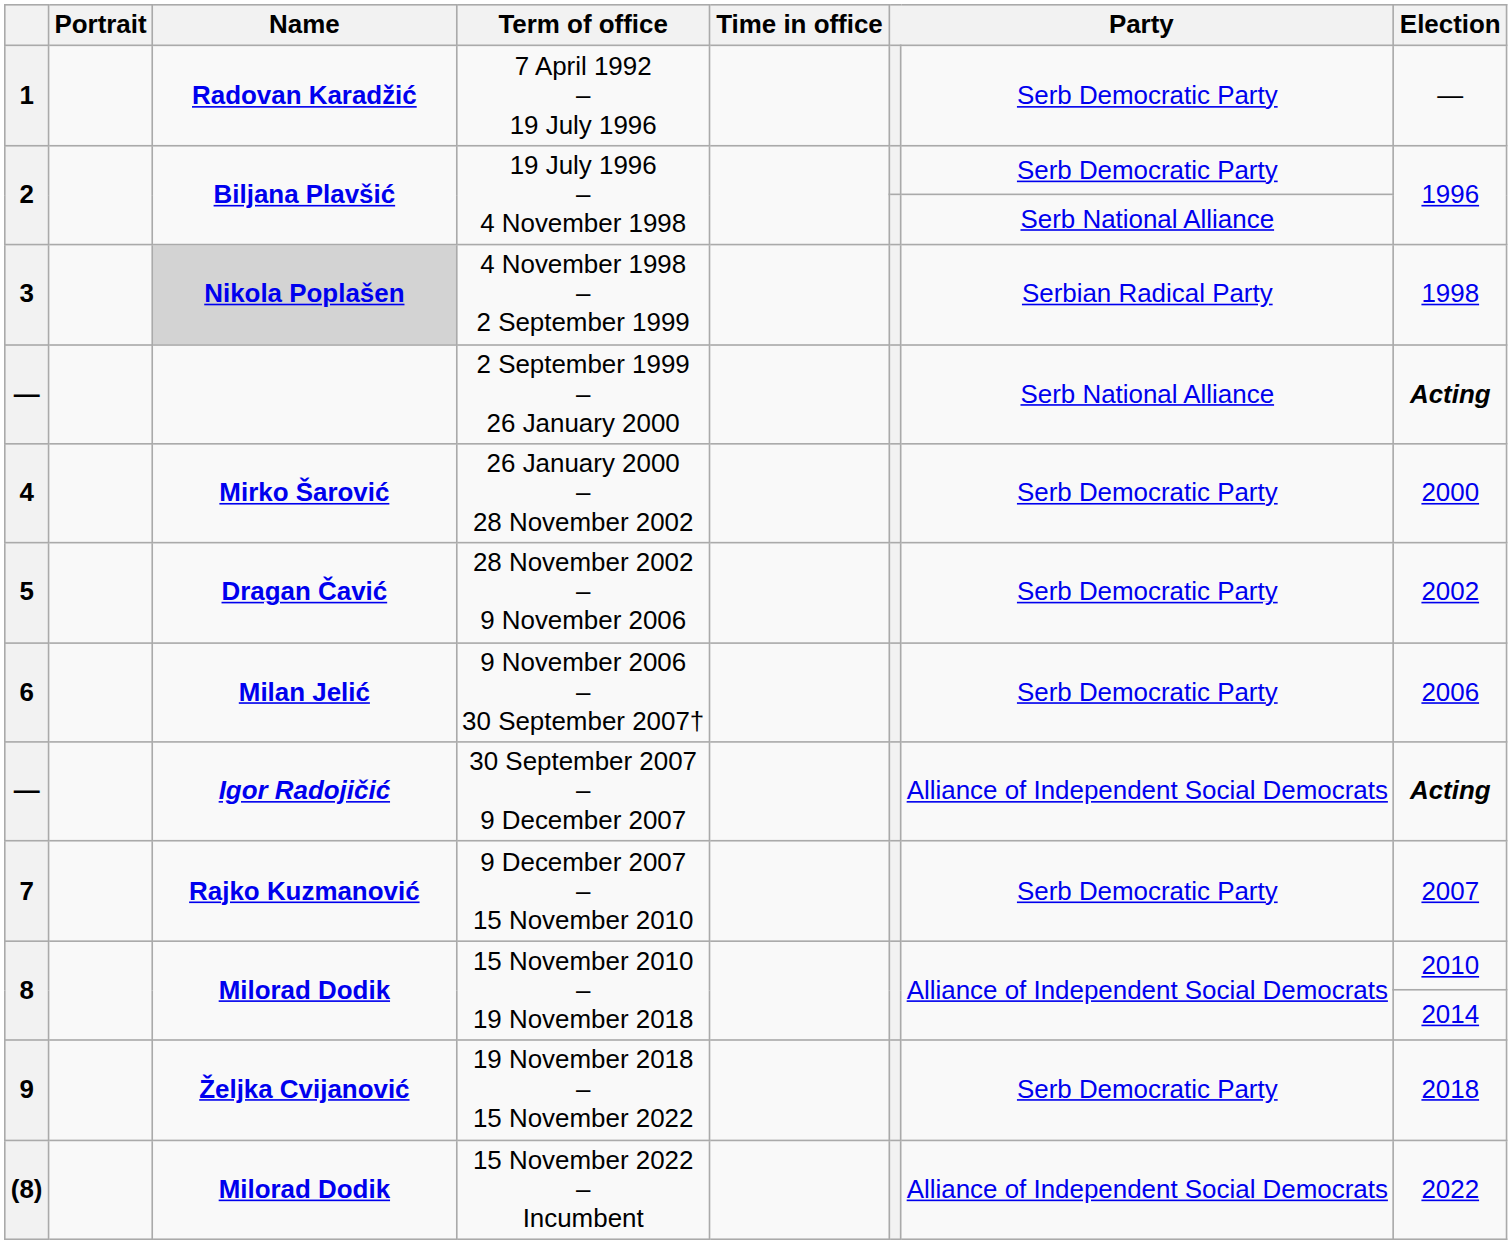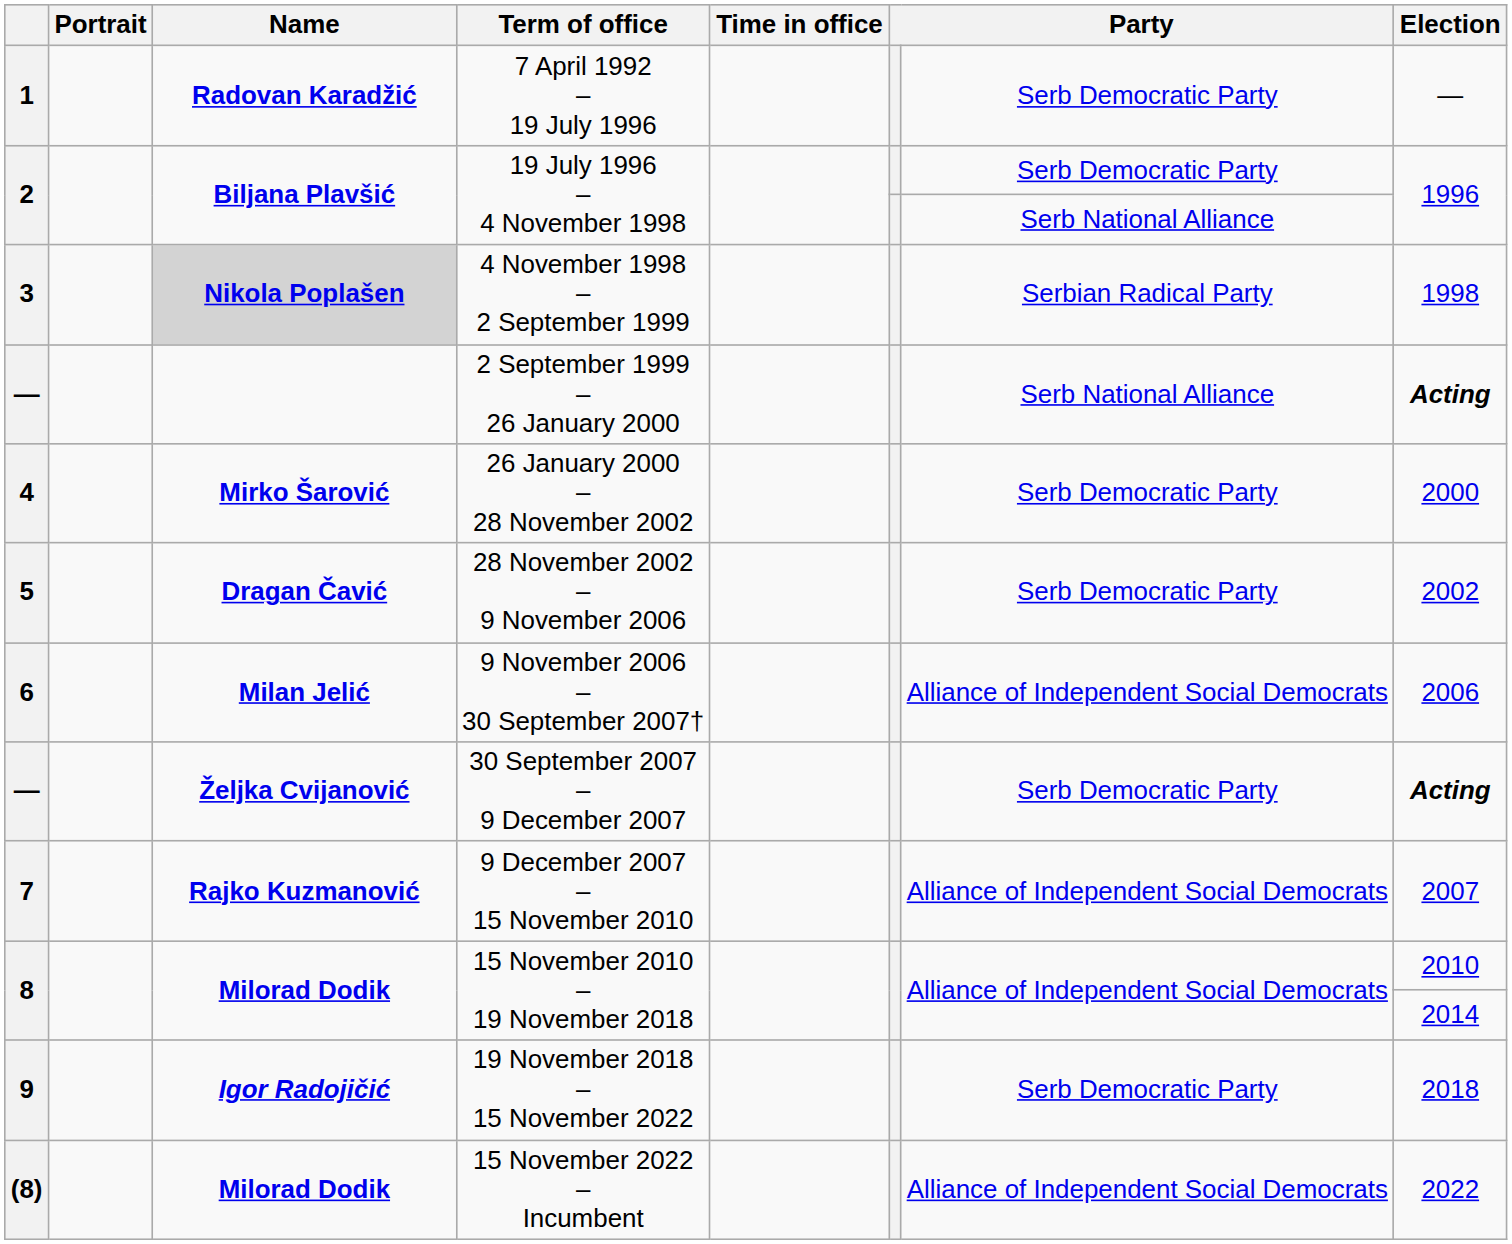 <table class="wikitable" style="text-align:center;">
 <tr>
 <th></th>
 <th>Portrait</th>
 <th width=180px>Name<br></th>
 <th>Term of office</th>
 <th>Time in office</th>
 <th colspan=2>Party</th>
 <th>Election</th>
 </tr>
 <tr>
 <th>1</th>
 <td></td>
 <td><strong><a href='#'>Radovan Karadžić</a></strong><br></td>
 <td>7 April 1992<br>–<br>19 July 1996</td>
 <td></td>
 <th style="background:"></th>
 <td><a href='#'>Serb Democratic Party</a></td>
 <td>—</td>
 </tr>
 <tr>
 <th rowspan=2>2</th>
 <td rowspan=2></td>
 <td rowspan=2><strong><a href='#'>Biljana Plavšić</a></strong><br></td>
 <td rowspan=2>19 July 1996<br>–<br>4 November 1998</td>
 <td rowspan=2></td>
 <th style="background:"></th>
 <td><a href='#'>Serb Democratic Party</a><br></td>
 <td rowspan=2><a href='#'>1996</a></td>
 </tr>
 <tr>
 <th style="background:"></th>
 <td><a href='#'>Serb National Alliance</a><br></td>
 </tr>
 <tr>
 <th>3</th>
 <td></td>
 <td style="background: lightgrey;"><strong><a href='#'>Nikola Poplašen</a></strong><br></td>
 <td>4 November 1998<br>–<br>2 September 1999</td>
 <td></td>
 <th style="background:"></th>
 <td><a href='#'>Serbian Radical Party</a></td>
 <td><a href='#'>1998</a></td>
 </tr>
 <tr>
 <th>—</th>
 <td></td>
 <td><strong><em></em></strong><br></td>
 <td>2 September 1999<br>–<br>26 January 2000</td>
 <td></td>
 <th style="background:"></th>
 <td><a href='#'>Serb National Alliance</a><br></td>
 <td><strong><em>Acting</em></strong></td>
 </tr>
 <tr>
 <th>4</th>
 <td></td>
 <td><strong><a href='#'>Mirko Šarović</a></strong><br></td>
 <td>26 January 2000<br>–<br>28 November 2002</td>
 <td></td>
 <th style="background:"></th>
 <td><a href='#'>Serb Democratic Party</a></td>
 <td><a href='#'>2000</a></td>
 </tr>
 <tr>
 <th>5</th>
 <td></td>
 <td><strong><a href='#'>Dragan Čavić</a></strong><br></td>
 <td>28 November 2002<br>–<br>9 November 2006</td>
 <td></td>
 <th style="background:"></th>
 <td><a href='#'>Serb Democratic Party</a></td>
 <td><a href='#'>2002</a></td>
 </tr>
 <tr>
 <th>6</th>
 <td></td>
 <td><strong><a href='#'>Milan Jelić</a></strong><br></td>
 <td>9 November 2006<br>–<br>30 September 2007†</td>
 <td></td>
 <th style="background:"></th>
-<td><a href='#'>Serb Democratic Party</a></td>
+<td><a href='#'>Alliance of Independent Social Democrats</a></td>
 <td><a href='#'>2006</a></td>
 </tr>
 <tr>
 <th>—</th>
 <td></td>
-<td><strong><em><a href='#'>Igor Radojičić</a></em></strong><br></td>
+<td><strong><a href='#'>Željka Cvijanović</a></strong><br></td>
 <td>30 September 2007<br>–<br>9 December 2007</td>
 <td></td>
 <th style="background:"></th>
-<td><a href='#'>Alliance of Independent Social Democrats</a></td>
+<td><a href='#'>Serb Democratic Party</a></td>
 <td><strong><em>Acting</em></strong></td>
 </tr>
 <tr>
 <th>7</th>
 <td></td>
 <td><strong><a href='#'>Rajko Kuzmanović</a></strong><br></td>
 <td>9 December 2007<br>–<br>15 November 2010</td>
 <td></td>
 <th style="background:"></th>
-<td><a href='#'>Serb Democratic Party</a></td>
+<td><a href='#'>Alliance of Independent Social Democrats</a></td>
 <td><a href='#'>2007</a></td>
 </tr>
 <tr>
 <th rowspan=2>8</th>
 <td rowspan=2></td>
 <td rowspan=2><strong><a href='#'>Milorad Dodik</a></strong><br></td>
 <td rowspan=2>15 November 2010<br>–<br>19 November 2018</td>
 <td rowspan=2></td>
 <th rowspan=2 style="background:"></th>
 <td rowspan=2><a href='#'>Alliance of Independent Social Democrats</a></td>
 <td><a href='#'>2010</a></td>
 </tr>
 <tr>
 <td><a href='#'>2014</a></td>
 </tr>
 <tr>
 <th>9</th>
 <td></td>
-<td><strong><a href='#'>Željka Cvijanović</a></strong><br></td>
+<td><strong><em><a href='#'>Igor Radojičić</a></em></strong><br></td>
 <td>19 November 2018<br>–<br>15 November 2022</td>
 <td></td>
 <th style="background:"></th>
 <td><a href='#'>Serb Democratic Party</a></td>
 <td><a href='#'>2018</a></td>
 </tr>
 <tr>
 <th>(8)</th>
 <td></td>
 <td><strong><a href='#'>Milorad Dodik</a></strong><br></td>
 <td>15 November 2022<br>–<br>Incumbent</td>
 <td></td>
 <th style="background:"></th>
 <td><a href='#'>Alliance of Independent Social Democrats</a></td>
 <td><a href='#'>2022</a></td>
 </tr>
 </table>
